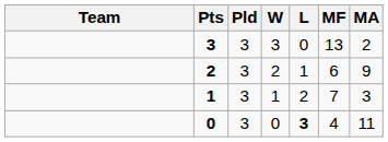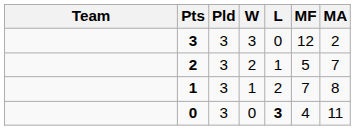 <table class=wikitable style="text-align:center">
 <tr>
 <th width=175>Team</th>
 <th width=20>Pts</th>
 <th width=20>Pld</th>
 <th width=20>W</th>
 <th width=20>L</th>
 <th width=20>MF</th>
 <th width=20>MA</th>
 </tr>
 <tr>
 <td style="text-align:left"></td>
 <td><strong>3</strong></td>
 <td>3</td>
 <td>3</td>
 <td>0</td>
-<td>13</td>
+<td>12</td>
 <td>2</td>
 </tr>
 <tr>
 <td style="text-align:left"></td>
 <td><strong>2</strong></td>
 <td>3</td>
 <td>2</td>
 <td>1</td>
-<td>6</td>
-<td>9</td>
+<td>5</td>
+<td>7</td>
 </tr>
 <tr>
 <td style="text-align:left"></td>
 <td><strong>1</strong></td>
 <td>3</td>
 <td>1</td>
 <td>2</td>
 <td>7</td>
-<td>3</td>
+<td>8</td>
 </tr>
 <tr>
 <td style="text-align:left"></td>
 <td><strong>0</strong></td>
 <td>3</td>
 <td>0</td>
 <td><strong>3</strong></td>
 <td>4</td>
 <td>11</td>
 </tr>
 </table>
